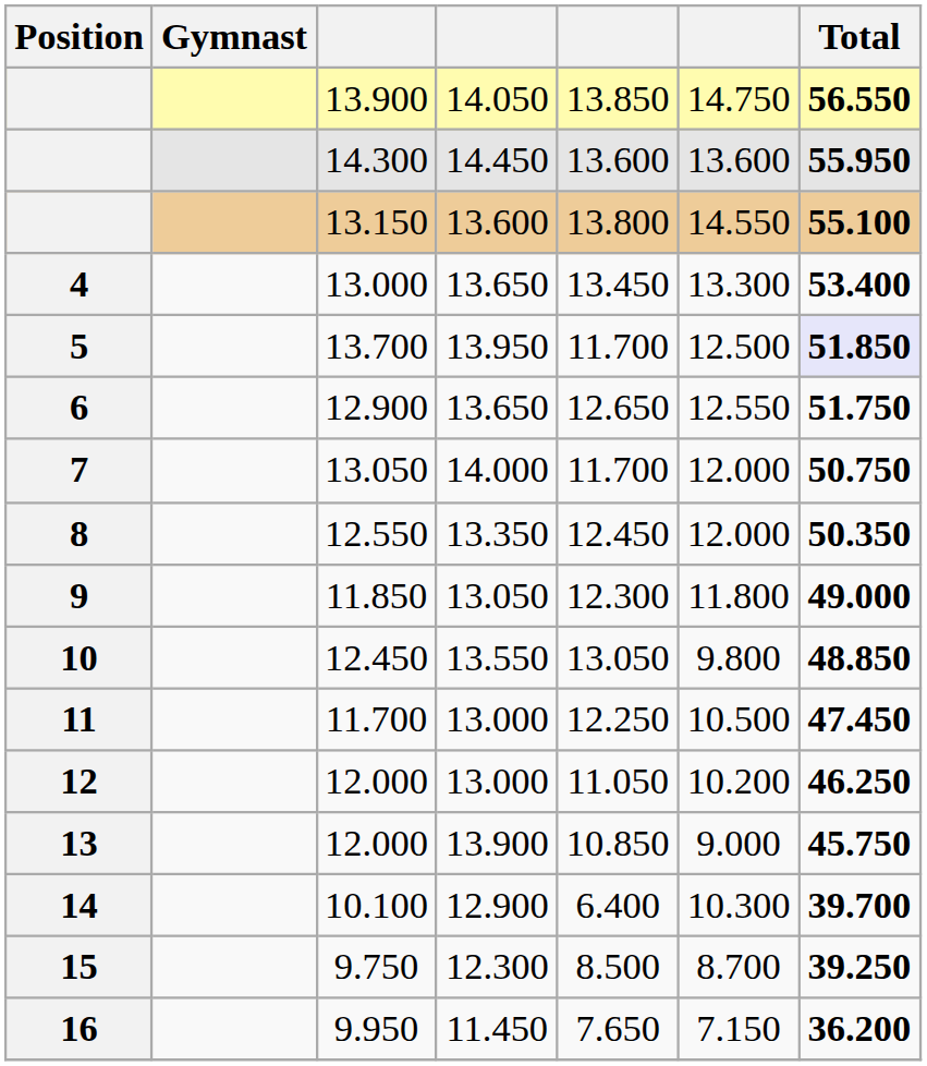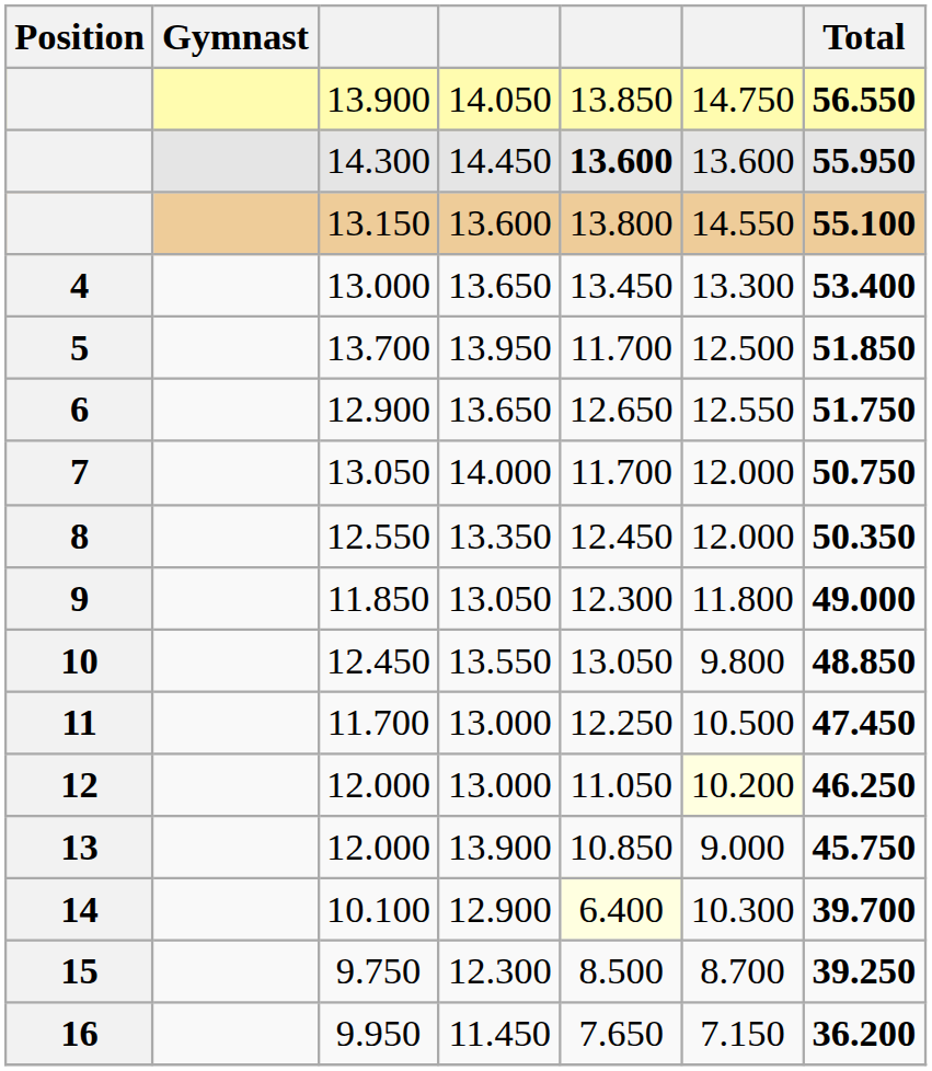 <table class="wikitable sortable" style="text-align:center; font-size:95%">
 <tr>
 <th>Position</th>
 <th>Gymnast</th>
 <th></th>
 <th></th>
 <th></th>
 <th></th>
 <th>Total</th>
 </tr>
 <tr style="background:#fffcaf;">
 <th></th>
 <td align=left></td>
 <td>13.900</td>
 <td>14.050</td>
 <td>13.850</td>
 <td>14.750</td>
 <td><strong>56.550</strong></td>
 </tr>
 <tr style="background:#e5e5e5;">
 <th></th>
 <td align=left></td>
 <td>14.300</td>
 <td>14.450</td>
-<td>13.600</td>
+<td><strong>13.600</strong></td>
 <td>13.600</td>
 <td><strong>55.950</strong></td>
 </tr>
 <tr style="background:#ec9;">
 <th></th>
 <td align=left></td>
 <td>13.150</td>
 <td>13.600</td>
 <td>13.800</td>
 <td>14.550</td>
 <td><strong>55.100</strong></td>
 </tr>
 <tr>
 <th><strong>4</strong></th>
 <td align=left></td>
 <td>13.000</td>
 <td>13.650</td>
 <td>13.450</td>
 <td>13.300</td>
 <td><strong>53.400</strong></td>
 </tr>
 <tr>
 <th><strong>5</strong></th>
 <td align=left></td>
 <td>13.700</td>
 <td>13.950</td>
 <td>11.700</td>
 <td>12.500</td>
-<td style="background: lavender;"><strong>51.850</strong></td>
+<td><strong>51.850</strong></td>
 </tr>
 <tr>
 <th><strong>6</strong></th>
 <td align=left></td>
 <td>12.900</td>
 <td>13.650</td>
 <td>12.650</td>
 <td>12.550</td>
 <td><strong>51.750</strong></td>
 </tr>
 <tr>
 <th><strong>7</strong></th>
 <td align=left></td>
 <td>13.050</td>
 <td>14.000</td>
 <td>11.700</td>
 <td>12.000</td>
 <td><strong>50.750</strong></td>
 </tr>
 <tr>
 <th><strong>8</strong></th>
 <td align=left></td>
 <td>12.550</td>
 <td>13.350</td>
 <td>12.450</td>
 <td>12.000</td>
 <td><strong>50.350</strong></td>
 </tr>
 <tr>
 <th><strong>9</strong></th>
 <td align=left></td>
 <td>11.850</td>
 <td>13.050</td>
 <td>12.300</td>
 <td>11.800</td>
 <td><strong>49.000</strong></td>
 </tr>
 <tr>
 <th><strong>10</strong></th>
 <td align=left></td>
 <td>12.450</td>
 <td>13.550</td>
 <td>13.050</td>
 <td>9.800</td>
 <td><strong>48.850</strong></td>
 </tr>
 <tr>
 <th><strong>11</strong></th>
 <td align=left></td>
 <td>11.700</td>
 <td>13.000</td>
 <td>12.250</td>
 <td>10.500</td>
 <td><strong>47.450</strong></td>
 </tr>
 <tr>
 <th><strong>12</strong></th>
 <td align=left></td>
 <td>12.000</td>
 <td>13.000</td>
 <td>11.050</td>
-<td>10.200</td>
+<td style="background: lightyellow;">10.200</td>
 <td><strong>46.250</strong></td>
 </tr>
 <tr>
 <th><strong>13</strong></th>
 <td align=left></td>
 <td>12.000</td>
 <td>13.900</td>
 <td>10.850</td>
 <td>9.000</td>
 <td><strong>45.750</strong></td>
 </tr>
 <tr>
 <th><strong>14</strong></th>
 <td align=left></td>
 <td>10.100</td>
 <td>12.900</td>
-<td>6.400</td>
+<td style="background: lightyellow;">6.400</td>
 <td>10.300</td>
 <td><strong>39.700</strong></td>
 </tr>
 <tr>
 <th><strong>15</strong></th>
 <td align=left></td>
 <td>9.750</td>
 <td>12.300</td>
 <td>8.500</td>
 <td>8.700</td>
 <td><strong>39.250</strong></td>
 </tr>
 <tr>
 <th><strong>16</strong></th>
 <td align=left></td>
 <td>9.950</td>
 <td>11.450</td>
 <td>7.650</td>
 <td>7.150</td>
 <td><strong>36.200</strong></td>
 </tr>
 <tr>
 </tr>
 </table>
